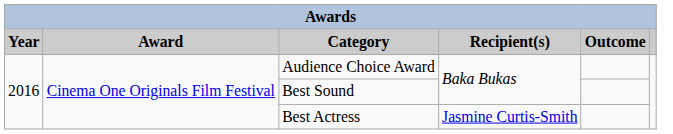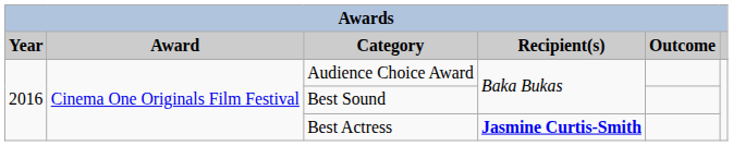 <table class="wikitable">
 <tr style="text-align:center;">
 <th colspan=6 style="background:#B0C4DE;">Awards</th>
 </tr>
 <tr style="text-align:center;">
 <th style="background:#ccc;">Year</th>
 <th style="background:#ccc;">Award</th>
 <th style="background:#ccc;">Category</th>
 <th style="background:#ccc;">Recipient(s)</th>
 <th style="background:#ccc;">Outcome</th>
 <th style="background:#ccc;"></th>
 </tr>
 <tr>
 <td rowspan="5">2016</td>
 </tr>
 <tr>
 <td rowspan="4"><a href='#'>Cinema One Originals Film Festival</a></td>
 </tr>
 <tr>
 <td>Audience Choice Award</td>
 <td rowspan="2"><em>Baka Bukas</em></td>
 <td></td>
 <td rowspan="3"></td>
 </tr>
 <tr>
 <td>Best Sound</td>
 <td></td>
 </tr>
 <tr>
 <td>Best Actress</td>
-<td><a href='#'>Jasmine Curtis-Smith</a></td>
+<td><strong><a href='#'>Jasmine Curtis-Smith</a></strong></td>
 <td></td>
 </tr>
 </table>
